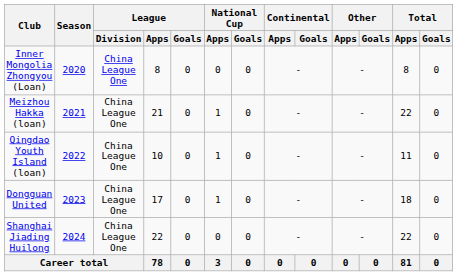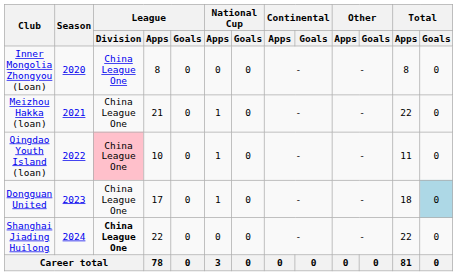 <table class="wikitable" style="text-align: center">
 <tr>
 <th rowspan="2">Club</th>
 <th rowspan="2">Season</th>
 <th colspan="3">League</th>
 <th colspan="2">National Cup</th>
 <th colspan="2">Continental</th>
 <th colspan="2">Other</th>
 <th colspan="2">Total</th>
 </tr>
 <tr>
 <th>Division</th>
 <th>Apps</th>
 <th>Goals</th>
 <th>Apps</th>
 <th>Goals</th>
 <th>Apps</th>
 <th>Goals</th>
 <th>Apps</th>
 <th>Goals</th>
 <th>Apps</th>
 <th>Goals</th>
 </tr>
 <tr>
 <td><a href='#'>Inner Mongolia Zhongyou</a> (Loan)</td>
 <td><a href='#'>2020</a></td>
 <td><a href='#'>China League One</a></td>
 <td>8</td>
 <td>0</td>
 <td>0</td>
 <td>0</td>
 <td colspan="2">-</td>
 <td colspan="2">-</td>
 <td>8</td>
 <td>0</td>
 </tr>
 <tr>
 <td><a href='#'>Meizhou Hakka</a> (loan)</td>
 <td><a href='#'>2021</a></td>
 <td>China League One</td>
 <td>21</td>
 <td>0</td>
 <td>1</td>
 <td>0</td>
 <td colspan="2">-</td>
 <td colspan="2">-</td>
 <td>22</td>
 <td>0</td>
 </tr>
 <tr>
 <td><a href='#'>Qingdao Youth Island</a> (loan)</td>
 <td><a href='#'>2022</a></td>
-<td>China League One</td>
+<td style="background: pink;">China League One</td>
 <td>10</td>
 <td>0</td>
 <td>1</td>
 <td>0</td>
 <td colspan="2">-</td>
 <td colspan="2">-</td>
 <td>11</td>
 <td>0</td>
 </tr>
 <tr>
 <td><a href='#'>Dongguan United</a></td>
 <td><a href='#'>2023</a></td>
 <td>China League One</td>
 <td>17</td>
 <td>0</td>
 <td>1</td>
 <td>0</td>
 <td colspan="2">-</td>
 <td colspan="2">-</td>
 <td>18</td>
-<td>0</td>
+<td style="background: lightblue;">0</td>
 </tr>
 <tr>
 <td><a href='#'>Shanghai Jiading Huilong</a></td>
 <td><a href='#'>2024</a></td>
-<td>China League One</td>
+<td><strong>China League One</strong></td>
 <td>22</td>
 <td>0</td>
 <td>0</td>
 <td>0</td>
 <td colspan="2">-</td>
 <td colspan="2">-</td>
 <td>22</td>
 <td>0</td>
 </tr>
 <tr>
 <th colspan=3>Career total</th>
 <th>78</th>
 <th>0</th>
 <th>3</th>
 <th>0</th>
 <th>0</th>
 <th>0</th>
 <th>0</th>
 <th>0</th>
 <th>81</th>
 <th>0</th>
 </tr>
 </table>
